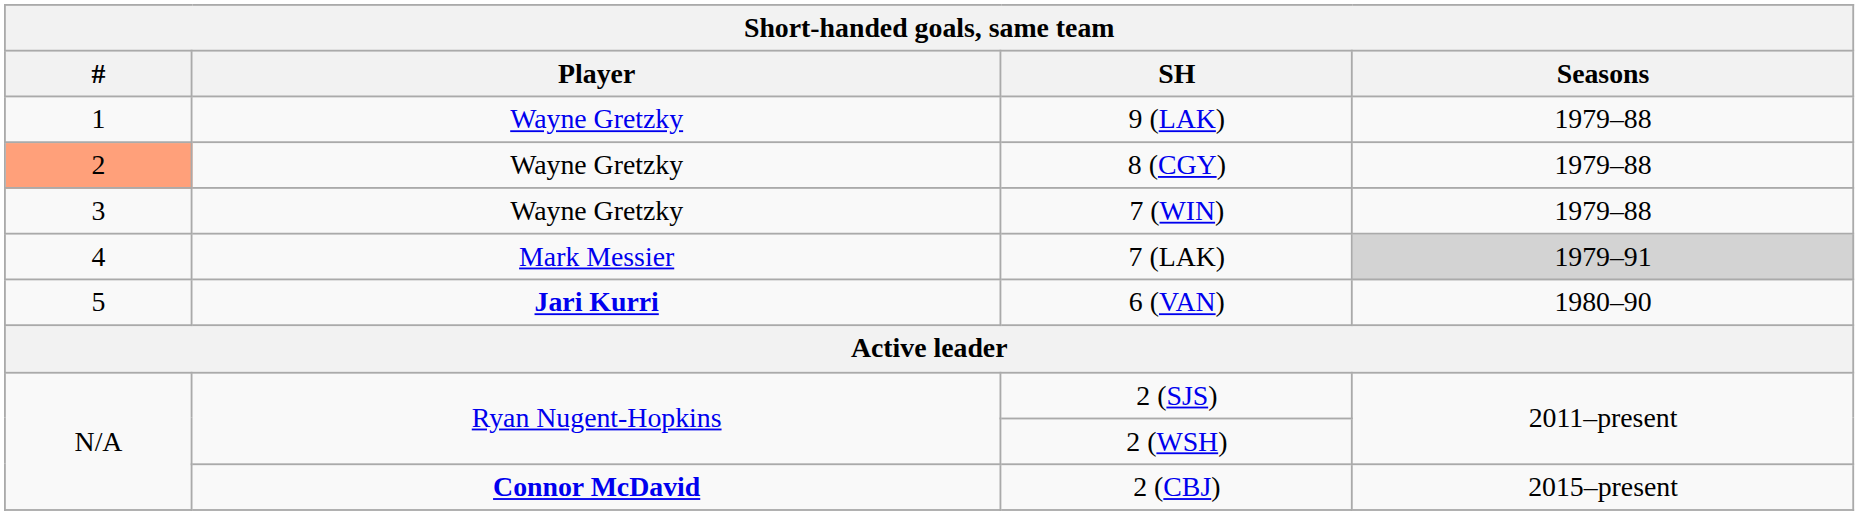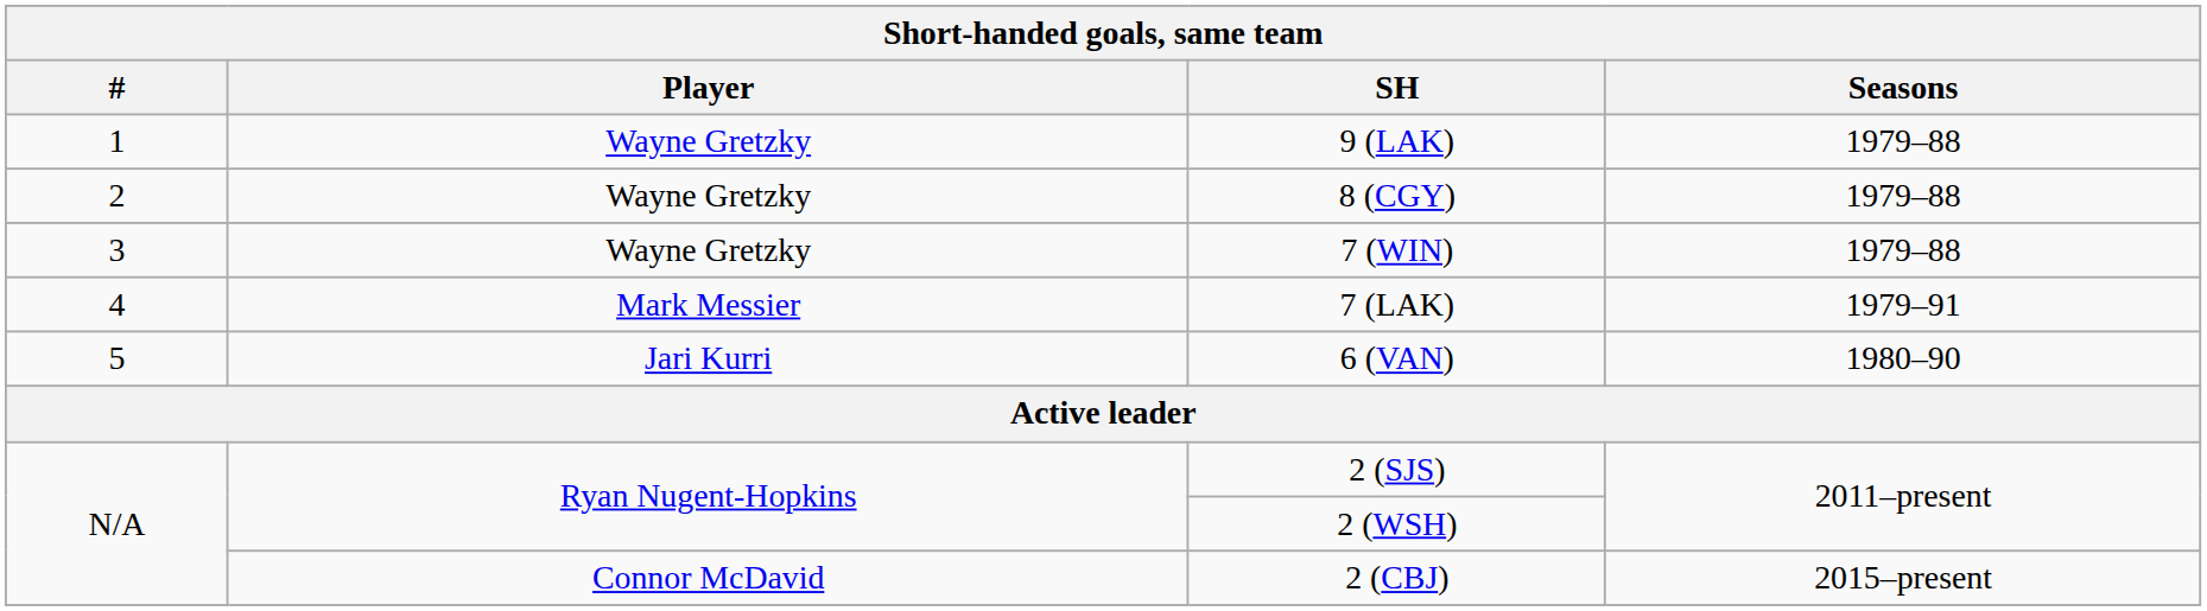 <table class="wikitable" style="text-align: center; font-size: 95%" width="80%">
 <tr>
 <th colspan="4">Short-handed goals, same team</th>
 </tr>
 <tr>
 <th>#</th>
 <th>Player</th>
 <th>SH</th>
 <th>Seasons</th>
 </tr>
 <tr>
 <td>1</td>
 <td><a href='#'>Wayne Gretzky</a></td>
 <td>9 (<a href='#'>LAK</a>)</td>
 <td>1979–88</td>
 </tr>
 <tr>
-<td style="background: lightsalmon;">2</td>
+<td>2</td>
 <td>Wayne Gretzky</td>
 <td>8 (<a href='#'>CGY</a>)</td>
 <td>1979–88</td>
 </tr>
 <tr>
 <td>3</td>
 <td>Wayne Gretzky</td>
 <td>7 (<a href='#'>WIN</a>)</td>
 <td>1979–88</td>
 </tr>
 <tr>
 <td>4</td>
 <td><a href='#'>Mark Messier</a></td>
 <td>7 (LAK)</td>
-<td style="background: lightgrey;">1979–91</td>
+<td>1979–91</td>
 </tr>
 <tr>
 <td>5</td>
-<td><strong><a href='#'>Jari Kurri</a></strong></td>
+<td><a href='#'>Jari Kurri</a></td>
 <td>6 (<a href='#'>VAN</a>)</td>
 <td>1980–90</td>
 </tr>
 <tr>
 <th colspan="4">Active leader</th>
 </tr>
 <tr>
 <td rowspan="3">N/A</td>
 <td rowspan="2"><a href='#'>Ryan Nugent-Hopkins</a></td>
 <td>2 (<a href='#'>SJS</a>)</td>
 <td rowspan="2">2011–present</td>
 </tr>
 <tr>
 <td>2 (<a href='#'>WSH</a>)</td>
 </tr>
 <tr>
-<td><strong><a href='#'>Connor McDavid</a></strong></td>
+<td><a href='#'>Connor McDavid</a></td>
 <td>2 (<a href='#'>CBJ</a>)</td>
 <td>2015–present</td>
 </tr>
 </table>
